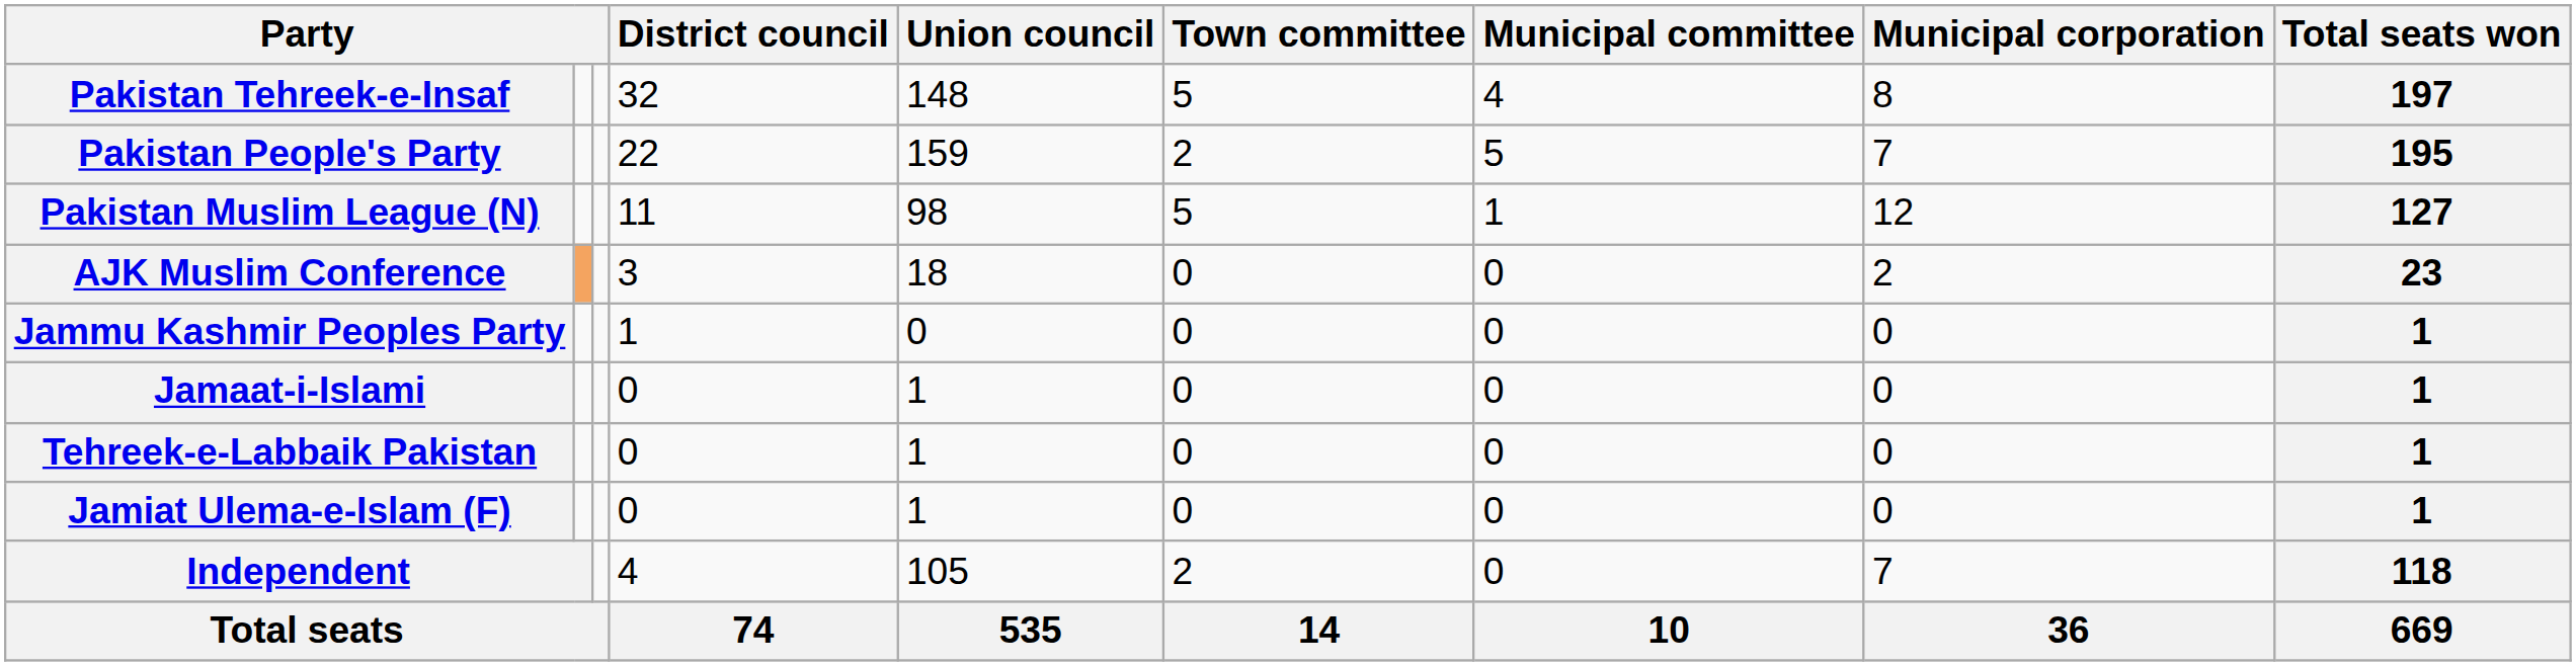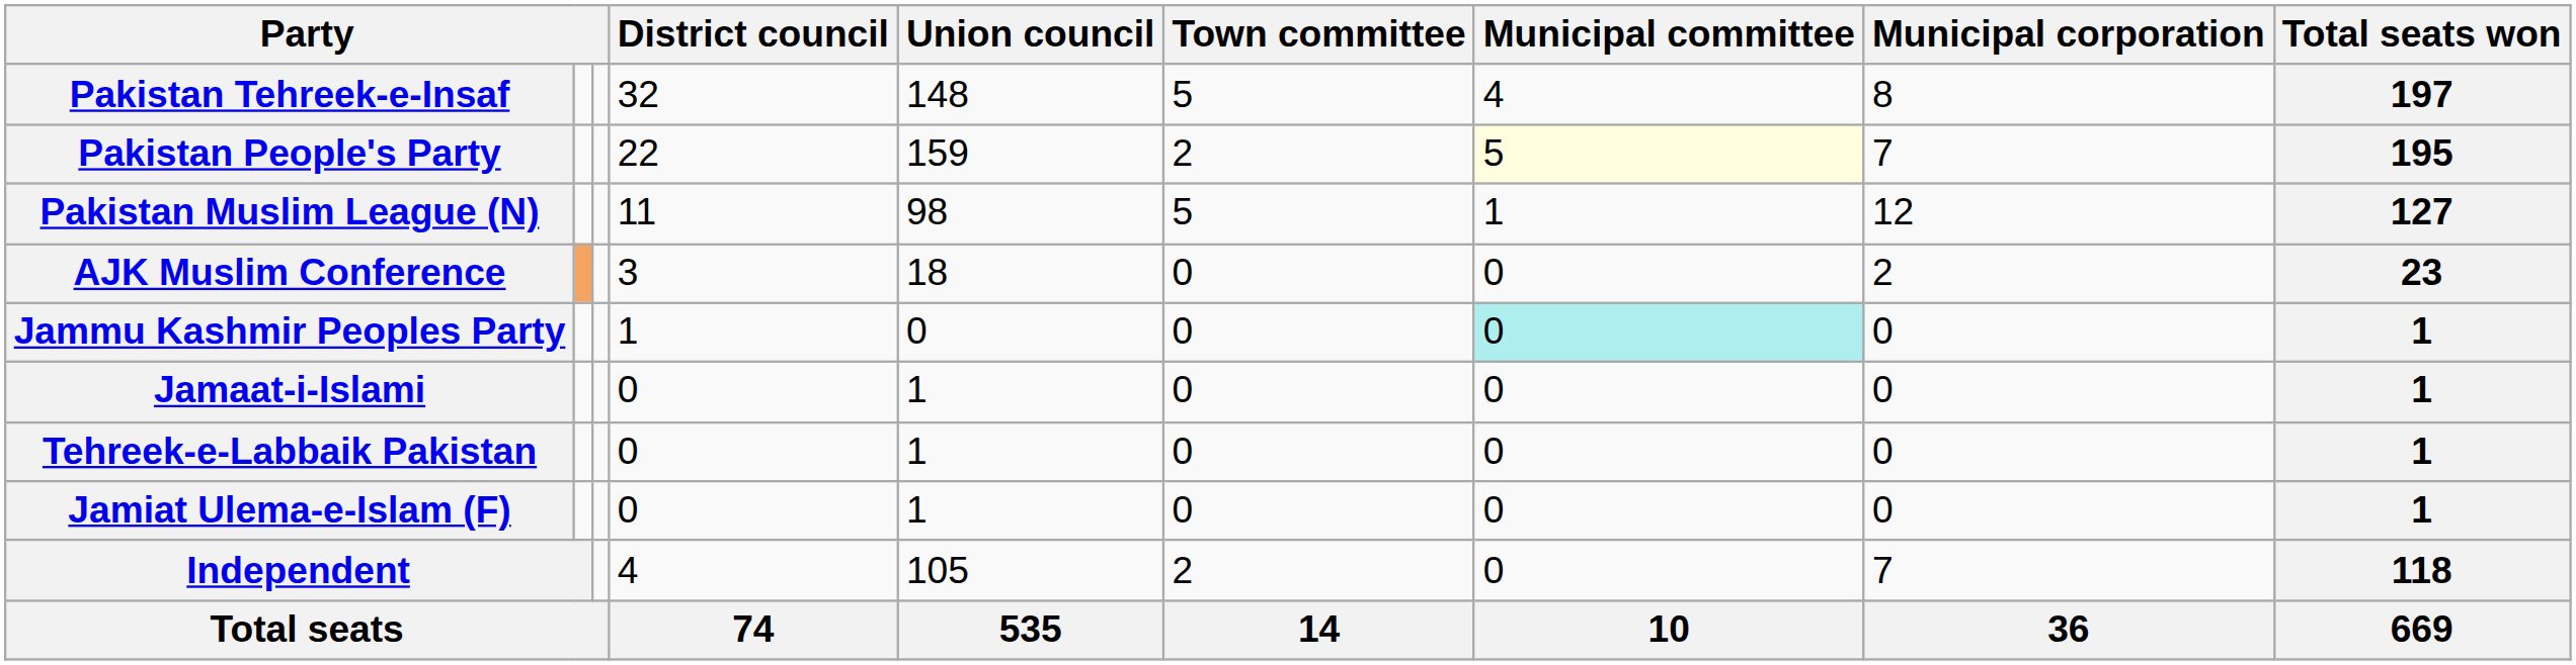 <table class="wikitable">
 <tr>
 <th colspan="3">Party</th>
 <th>District council</th>
 <th>Union council</th>
 <th>Town committee</th>
 <th>Municipal committee</th>
 <th>Municipal corporation</th>
 <th>Total seats won</th>
 </tr>
 <tr>
 <th><a href='#'>Pakistan Tehreek-e-Insaf</a></th>
 <td style="background-color: "></td>
 <td></td>
 <td>32</td>
 <td>148</td>
 <td>5</td>
 <td>4</td>
 <td>8</td>
 <th>197</th>
 </tr>
 <tr>
 <th><a href='#'>Pakistan People's Party</a></th>
 <td style="background-color: "></td>
 <td></td>
 <td>22</td>
 <td>159</td>
 <td>2</td>
-<td>5</td>
+<td style="background: lightyellow;">5</td>
 <td>7</td>
 <th>195</th>
 </tr>
 <tr>
 <th><a href='#'>Pakistan Muslim League (N)</a></th>
 <td style="background-color: "></td>
 <td></td>
 <td>11</td>
 <td>98</td>
 <td>5</td>
 <td>1</td>
 <td>12</td>
 <th>127</th>
 </tr>
 <tr>
 <th><a href='#'>AJK Muslim Conference</a></th>
 <td bgcolor="#f4a460"></td>
 <td></td>
 <td>3</td>
 <td>18</td>
 <td>0</td>
 <td>0</td>
 <td>2</td>
 <th>23</th>
 </tr>
 <tr>
 <th><a href='#'>Jammu Kashmir Peoples Party</a></th>
 <td style="background-color: "></td>
 <td></td>
 <td>1</td>
 <td>0</td>
 <td>0</td>
-<td>0</td>
+<td style="background: paleturquoise;">0</td>
 <td>0</td>
 <th>1</th>
 </tr>
 <tr>
 <th><a href='#'>Jamaat-i-Islami</a></th>
 <td style="background-color: "></td>
 <td></td>
 <td>0</td>
 <td>1</td>
 <td>0</td>
 <td>0</td>
 <td>0</td>
 <th>1</th>
 </tr>
 <tr>
 <th><a href='#'>Tehreek-e-Labbaik Pakistan</a></th>
 <td style="background-color: "></td>
 <td></td>
 <td>0</td>
 <td>1</td>
 <td>0</td>
 <td>0</td>
 <td>0</td>
 <th>1</th>
 </tr>
 <tr>
 <th><a href='#'>Jamiat Ulema-e-Islam (F)</a></th>
 <td style="background-color: "></td>
 <td></td>
 <td>0</td>
 <td>1</td>
 <td>0</td>
 <td>0</td>
 <td>0</td>
 <th>1</th>
 </tr>
 <tr>
 <th colspan="2"><a href='#'>Independent</a></th>
 <td style="background-color: "></td>
 <td>4</td>
 <td>105</td>
 <td>2</td>
 <td>0</td>
 <td>7</td>
 <th>118</th>
 </tr>
 <tr>
 <th colspan="3">Total seats</th>
 <th>74</th>
 <th>535</th>
 <th>14</th>
 <th>10</th>
 <th>36</th>
 <th bgcolor="#90EE90">669</th>
 </tr>
 </table>
